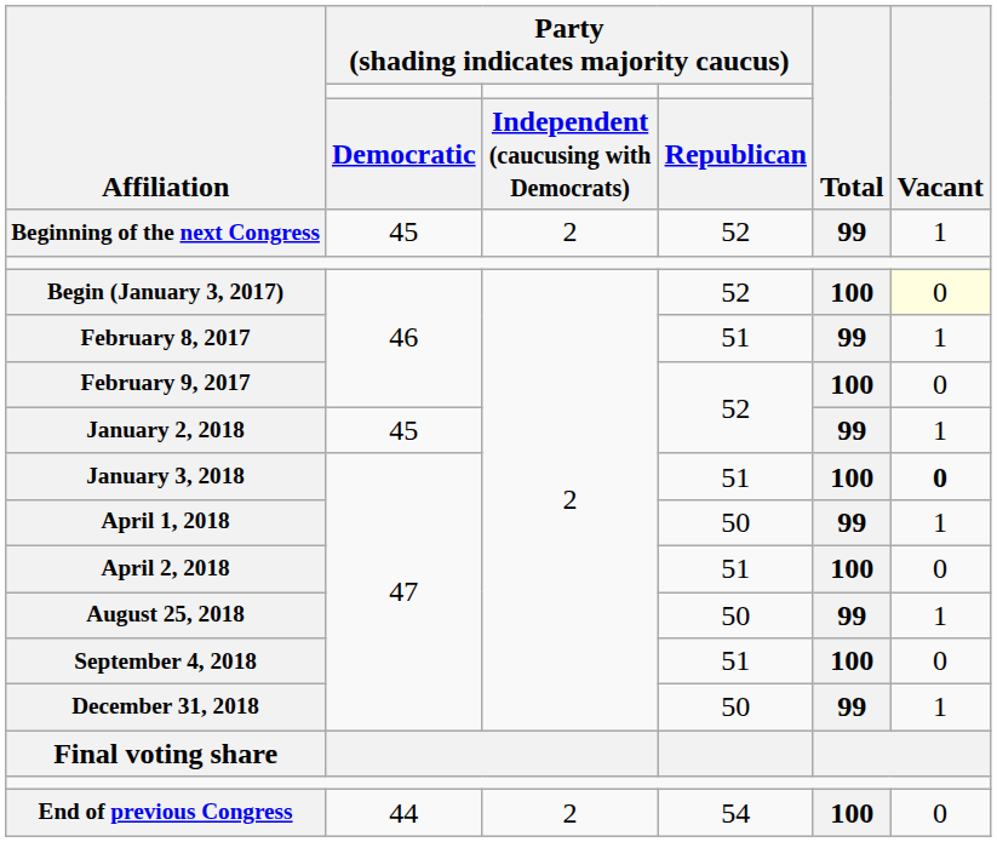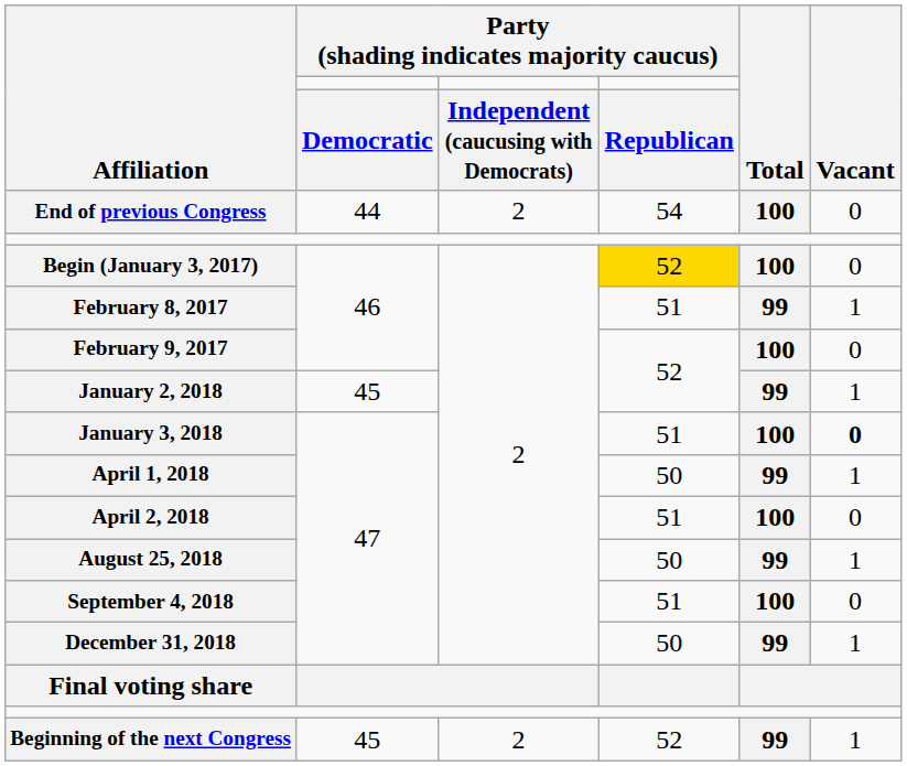 <table class="wikitable" style="text-align:center">
 <tr style="vertical-align:bottom;">
 <th rowspan=3>Affiliation</th>
 <th colspan=3>Party <div>(shading indicates majority caucus)</div></th>
 <th rowspan=3>Total</th>
 <th rowspan=3>Vacant</th>
 </tr>
 <tr style="height:5px">
 <td style="background-color:"></td>
 <td style="background-color:"></td>
 <td style="background-color:"></td>
 </tr>
 <tr>
 <th><a href='#'>Democratic</a></th>
 <th><a href='#'>Independent</a><br><small>(caucusing with<br>Democrats)</small></th>
 <th><a href='#'>Republican</a></th>
 </tr>
 <tr>
-<th style="white-space:nowrap; font-size:80%;">Beginning of the <a href='#'>next Congress</a></th>
-<td>45</td>
+<th style="font-size:80%">End of <a href='#'>previous Congress</a></th>
+<td>44</td>
 <td>2</td>
-<td>52</td>
-<th>99</th>
-<td>1</td>
+<td>54</td>
+<th>100</th>
+<td>0</td>
 </tr>
 <tr>
 <td colspan=6></td>
 </tr>
 <tr>
 <th style="font-size:80%">Begin (January 3, 2017)</th>
 <td rowspan=3>46</td>
 <td rowspan=10>2</td>
-<td>52</td>
+<td style="background: gold;">52</td>
 <th>100</th>
-<td style="background: lightyellow;">0</td>
+<td>0</td>
 </tr>
 <tr>
 <th style="font-size:80%">February 8, 2017</th>
 <td>51</td>
 <th>99</th>
 <td>1</td>
 </tr>
 <tr>
 <th style="font-size:80%">February 9, 2017</th>
 <td rowspan=2 >52</td>
 <th>100</th>
 <td>0</td>
 </tr>
 <tr>
 <th style="font-size:80%">January 2, 2018</th>
 <td>45</td>
 <th>99</th>
 <td>1</td>
 </tr>
 <tr>
 <th style="font-size:80%">January 3, 2018</th>
 <td rowspan=6>47</td>
 <td>51</td>
 <th>100</th>
 <td><strong>0</strong></td>
 </tr>
 <tr>
 <th style="font-size:80%">April 1, 2018</th>
 <td>50</td>
 <th>99</th>
 <td>1</td>
 </tr>
 <tr>
 <th style="font-size:80%">April 2, 2018</th>
 <td>51</td>
 <th>100</th>
 <td>0</td>
 </tr>
 <tr>
 <th style="font-size:80%">August 25, 2018</th>
 <td>50</td>
 <th>99</th>
 <td>1</td>
 </tr>
 <tr>
 <th style="font-size:80%">September 4, 2018</th>
 <td>51</td>
 <th>100</th>
 <td>0</td>
 </tr>
 <tr>
 <th style="font-size:80%">December 31, 2018</th>
 <td>50</td>
 <th>99</th>
 <td>1</td>
 </tr>
 <tr>
 <th>Final voting share</th>
 <th colspan=2></th>
 <th></th>
 <th colspan=2></th>
 </tr>
 <tr>
 <td colspan=6></td>
 </tr>
 <tr>
-<th style="font-size:80%">End of <a href='#'>previous Congress</a></th>
-<td>44</td>
+<th style="white-space:nowrap; font-size:80%;">Beginning of the <a href='#'>next Congress</a></th>
+<td>45</td>
 <td>2</td>
-<td>54</td>
-<th>100</th>
-<td>0</td>
+<td>52</td>
+<th>99</th>
+<td>1</td>
 </tr>
 </table>
